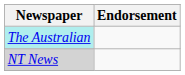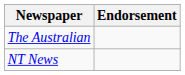 <table class="wikitable">
 <tr>
 <th>Newspaper</th>
 <th colspan="2">Endorsement</th>
 </tr>
 <tr>
-<td style="background: paleturquoise;"><em><a href='#'>The Australian</a></em></td>
+<td><em><a href='#'>The Australian</a></em></td>
 <td></td>
 </tr>
 <tr>
-<td style="background: lightgrey;"><em><a href='#'>NT News</a></em></td>
+<td><em><a href='#'>NT News</a></em></td>
 <td></td>
 </tr>
 </table>
